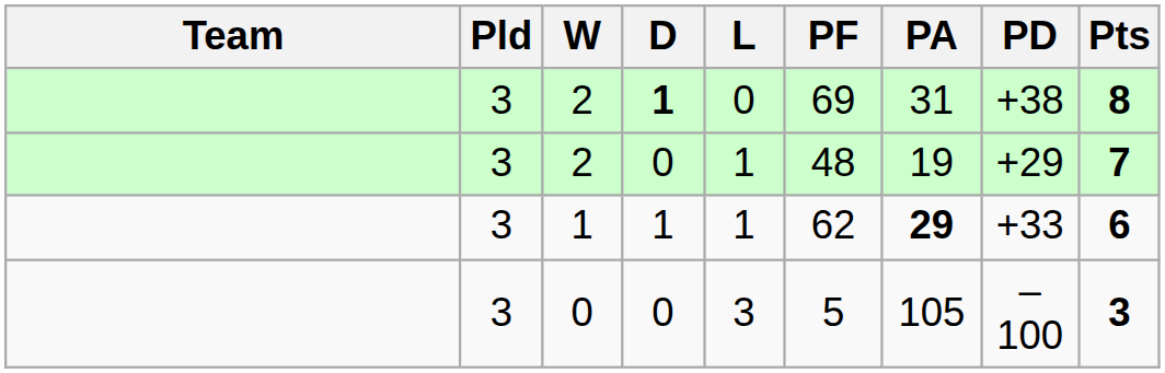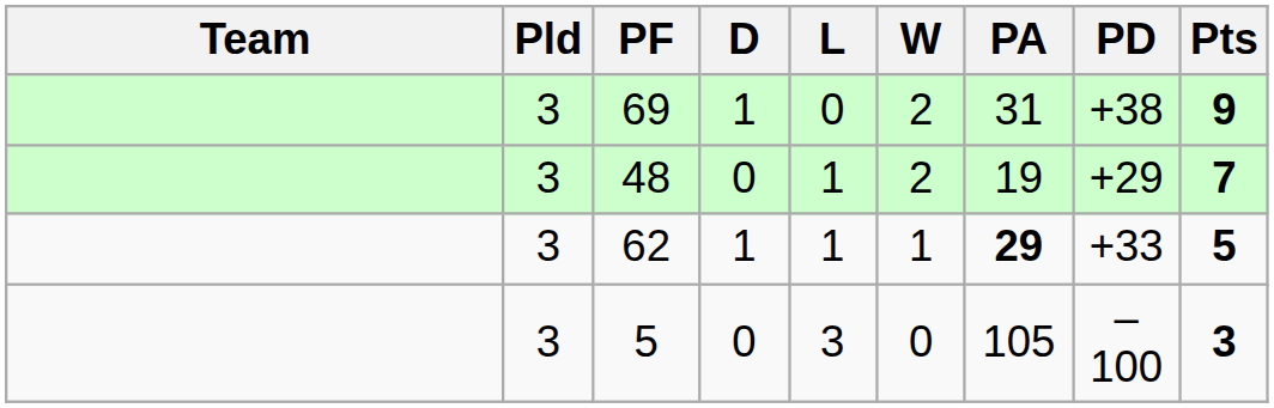 <table class="wikitable" style="text-align:center;">
 <tr>
 <th width=175>Team</th>
 <th width=25 abbr="Played">Pld</th>
-<th width=25 abbr="Won">W</th>
+<th width=32 abbr="Points for">PF</th>
 <th width=25 abbr="Drawn">D</th>
 <th width=25 abbr="Lost">L</th>
-<th width=32 abbr="Points for">PF</th>
+<th width=25 abbr="Won">W</th>
 <th width=32 abbr="Points against">PA</th>
 <th width=32 abbr="Points difference">PD</th>
 <th width=25 abbr="Points">Pts</th>
 </tr>
 <tr bgcolor=ccffcc>
 <td align=left></td>
 <td>3</td>
+<td>69</td>
+<td>1</td>
+<td>0</td>
 <td>2</td>
-<td><strong>1</strong></td>
-<td>0</td>
-<td>69</td>
 <td>31</td>
 <td>+38</td>
-<td><strong>8</strong></td>
+<td><strong>9</strong></td>
 </tr>
 <tr bgcolor=ccffcc>
 <td align=left></td>
 <td>3</td>
-<td>2</td>
+<td>48</td>
 <td>0</td>
 <td>1</td>
-<td>48</td>
+<td>2</td>
 <td>19</td>
 <td>+29</td>
 <td><strong>7</strong></td>
 </tr>
 <tr>
 <td align=left></td>
 <td>3</td>
+<td>62</td>
 <td>1</td>
 <td>1</td>
 <td>1</td>
-<td>62</td>
 <td><strong>29</strong></td>
 <td>+33</td>
-<td><strong>6</strong></td>
+<td><strong>5</strong></td>
 </tr>
 <tr>
 <td align=left></td>
 <td>3</td>
-<td>0</td>
+<td>5</td>
 <td>0</td>
 <td>3</td>
-<td>5</td>
+<td>0</td>
 <td>105</td>
 <td>–100</td>
 <td><strong>3</strong></td>
 </tr>
 </table>
